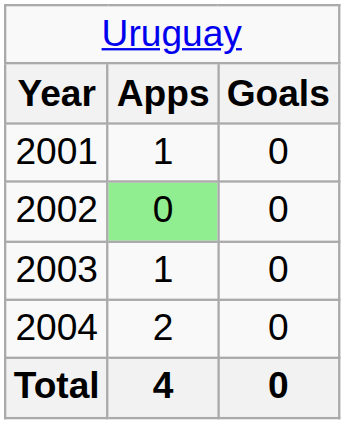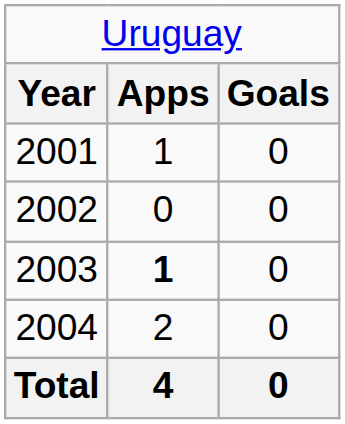 <table class="wikitable" style="text-align:center">
 <tr>
 <td colspan="3"><a href='#'>Uruguay</a></td>
 </tr>
 <tr>
 <th>Year</th>
 <th>Apps</th>
 <th>Goals</th>
 </tr>
 <tr>
 <td>2001</td>
 <td>1</td>
 <td>0</td>
 </tr>
 <tr>
 <td>2002</td>
-<td style="background: lightgreen;">0</td>
+<td>0</td>
 <td>0</td>
 </tr>
 <tr>
 <td>2003</td>
-<td>1</td>
+<td><strong>1</strong></td>
 <td>0</td>
 </tr>
 <tr>
 <td>2004</td>
 <td>2</td>
 <td>0</td>
 </tr>
 <tr>
 <th>Total</th>
 <th>4</th>
 <th>0</th>
 </tr>
 </table>
